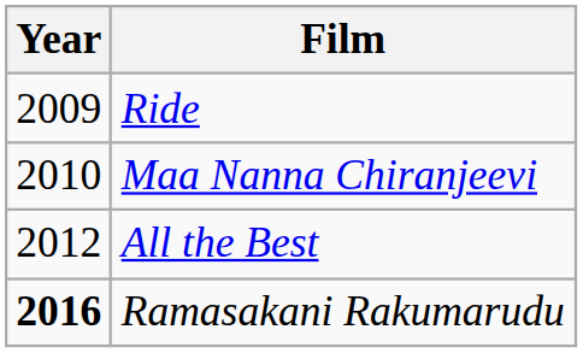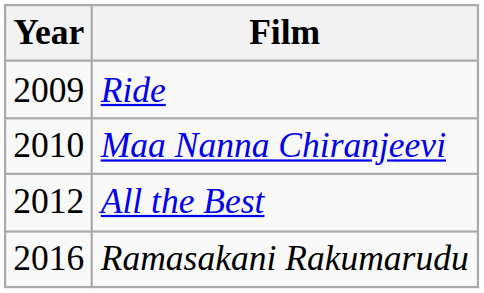 <table class="wikitable sortable">
 <tr>
 <th>Year</th>
 <th>Film</th>
 </tr>
 <tr>
 <td>2009</td>
 <td><em><a href='#'>Ride</a></em></td>
 </tr>
 <tr>
 <td>2010</td>
 <td><em><a href='#'>Maa Nanna Chiranjeevi</a></em></td>
 </tr>
 <tr>
 <td>2012</td>
 <td><a href='#'><em>All the Best</em></a></td>
 </tr>
 <tr>
-<td><strong>2016</strong></td>
+<td>2016</td>
 <td><em>Ramasakani Rakumarudu</em></td>
 </tr>
 </table>
